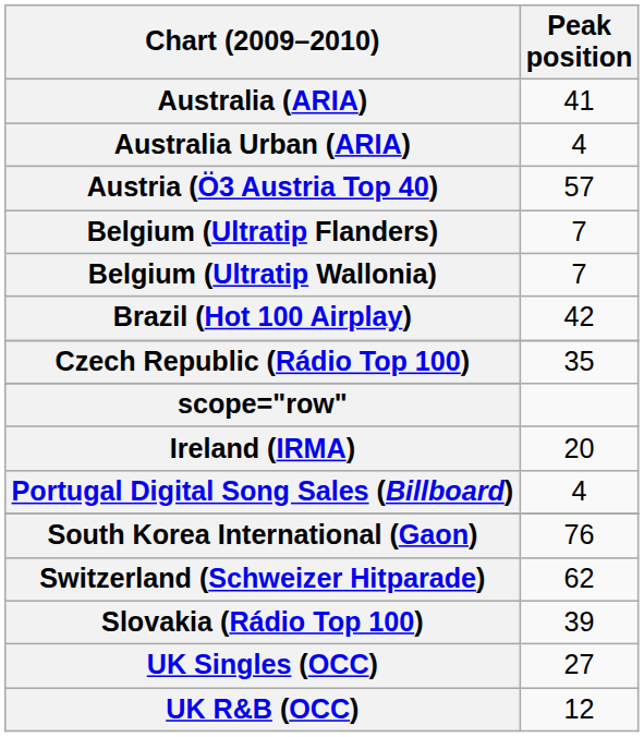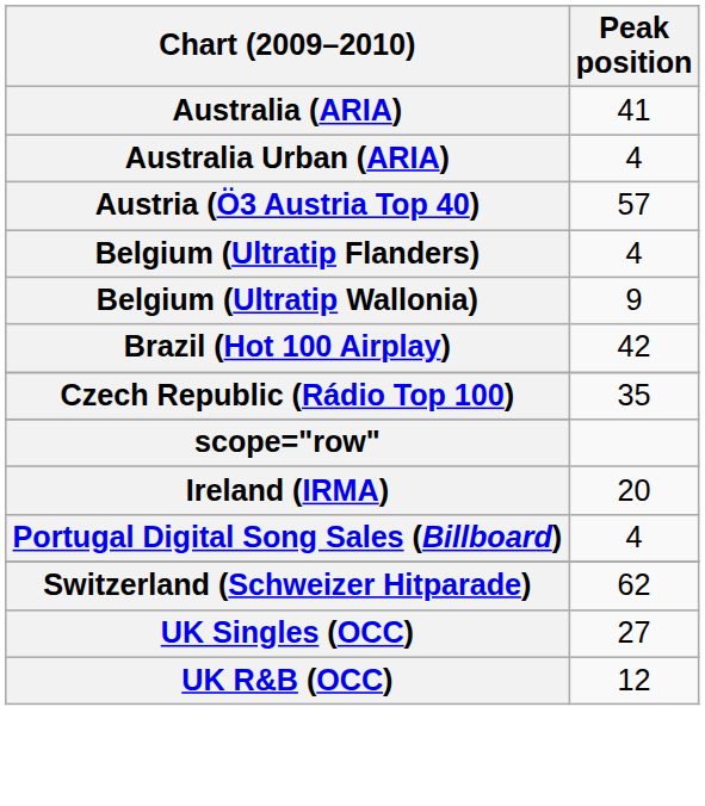 <table class="wikitable sortable plainrowheaders" style="text-align:center">
 <tr>
 <th scope="col">Chart (2009–2010)</th>
 <th scope="col">Peak<br>position</th>
 </tr>
 <tr>
 <th scope="row">Australia (<a href='#'>ARIA</a>)</th>
 <td align="center">41</td>
 </tr>
 <tr>
 <th scope="row">Australia Urban (<a href='#'>ARIA</a>)</th>
 <td align="center">4</td>
 </tr>
 <tr>
 <th scope="row">Austria (<a href='#'>Ö3 Austria Top 40</a>)</th>
 <td align="center">57</td>
 </tr>
 <tr>
 <th scope="row">Belgium (<a href='#'>Ultratip</a> Flanders)</th>
-<td align="center">7</td>
+<td align="center">4</td>
 </tr>
 <tr>
 <th scope="row">Belgium (<a href='#'>Ultratip</a> Wallonia)</th>
-<td align="center">7</td>
+<td align="center">9</td>
 </tr>
 <tr>
 <th scope="row">Brazil (<a href='#'>Hot 100 Airplay</a>)</th>
 <td style="text-align:center;">42</td>
 </tr>
 <tr>
 </tr>
 <tr>
 <th scope="row">Czech Republic (<a href='#'>Rádio Top 100</a>)</th>
 <td align="center">35</td>
 </tr>
 <tr>
 </tr>
 <tr>
 <th>scope="row"</th>
 </tr>
 <tr>
 <th scope="row">Ireland (<a href='#'>IRMA</a>)</th>
 <td align="center">20</td>
 </tr>
 <tr>
 <th scope="row"><a href='#'>Portugal Digital Song Sales</a> (<em><a href='#'>Billboard</a></em>)</th>
 <td style="text-align:center;">4</td>
 </tr>
 <tr>
 </tr>
 <tr>
-<th scope="row">South Korea International (<a href='#'>Gaon</a>)</th>
-<td style="text-align:center;">76</td>
-</tr>
-<tr>
 <th scope="row">Switzerland (<a href='#'>Schweizer Hitparade</a>)</th>
 <td align="center">62</td>
-</tr>
-<tr>
-<th scope="row">Slovakia (<a href='#'>Rádio Top 100</a>)</th>
-<td align="center">39</td>
 </tr>
 <tr>
 <th scope="row"><a href='#'>UK Singles</a> (<a href='#'>OCC</a>)</th>
 <td align="center">27</td>
 </tr>
 <tr>
 <th scope="row"><a href='#'>UK R&B</a> (<a href='#'>OCC</a>)</th>
 <td align="center">12</td>
 </tr>
 </table>
